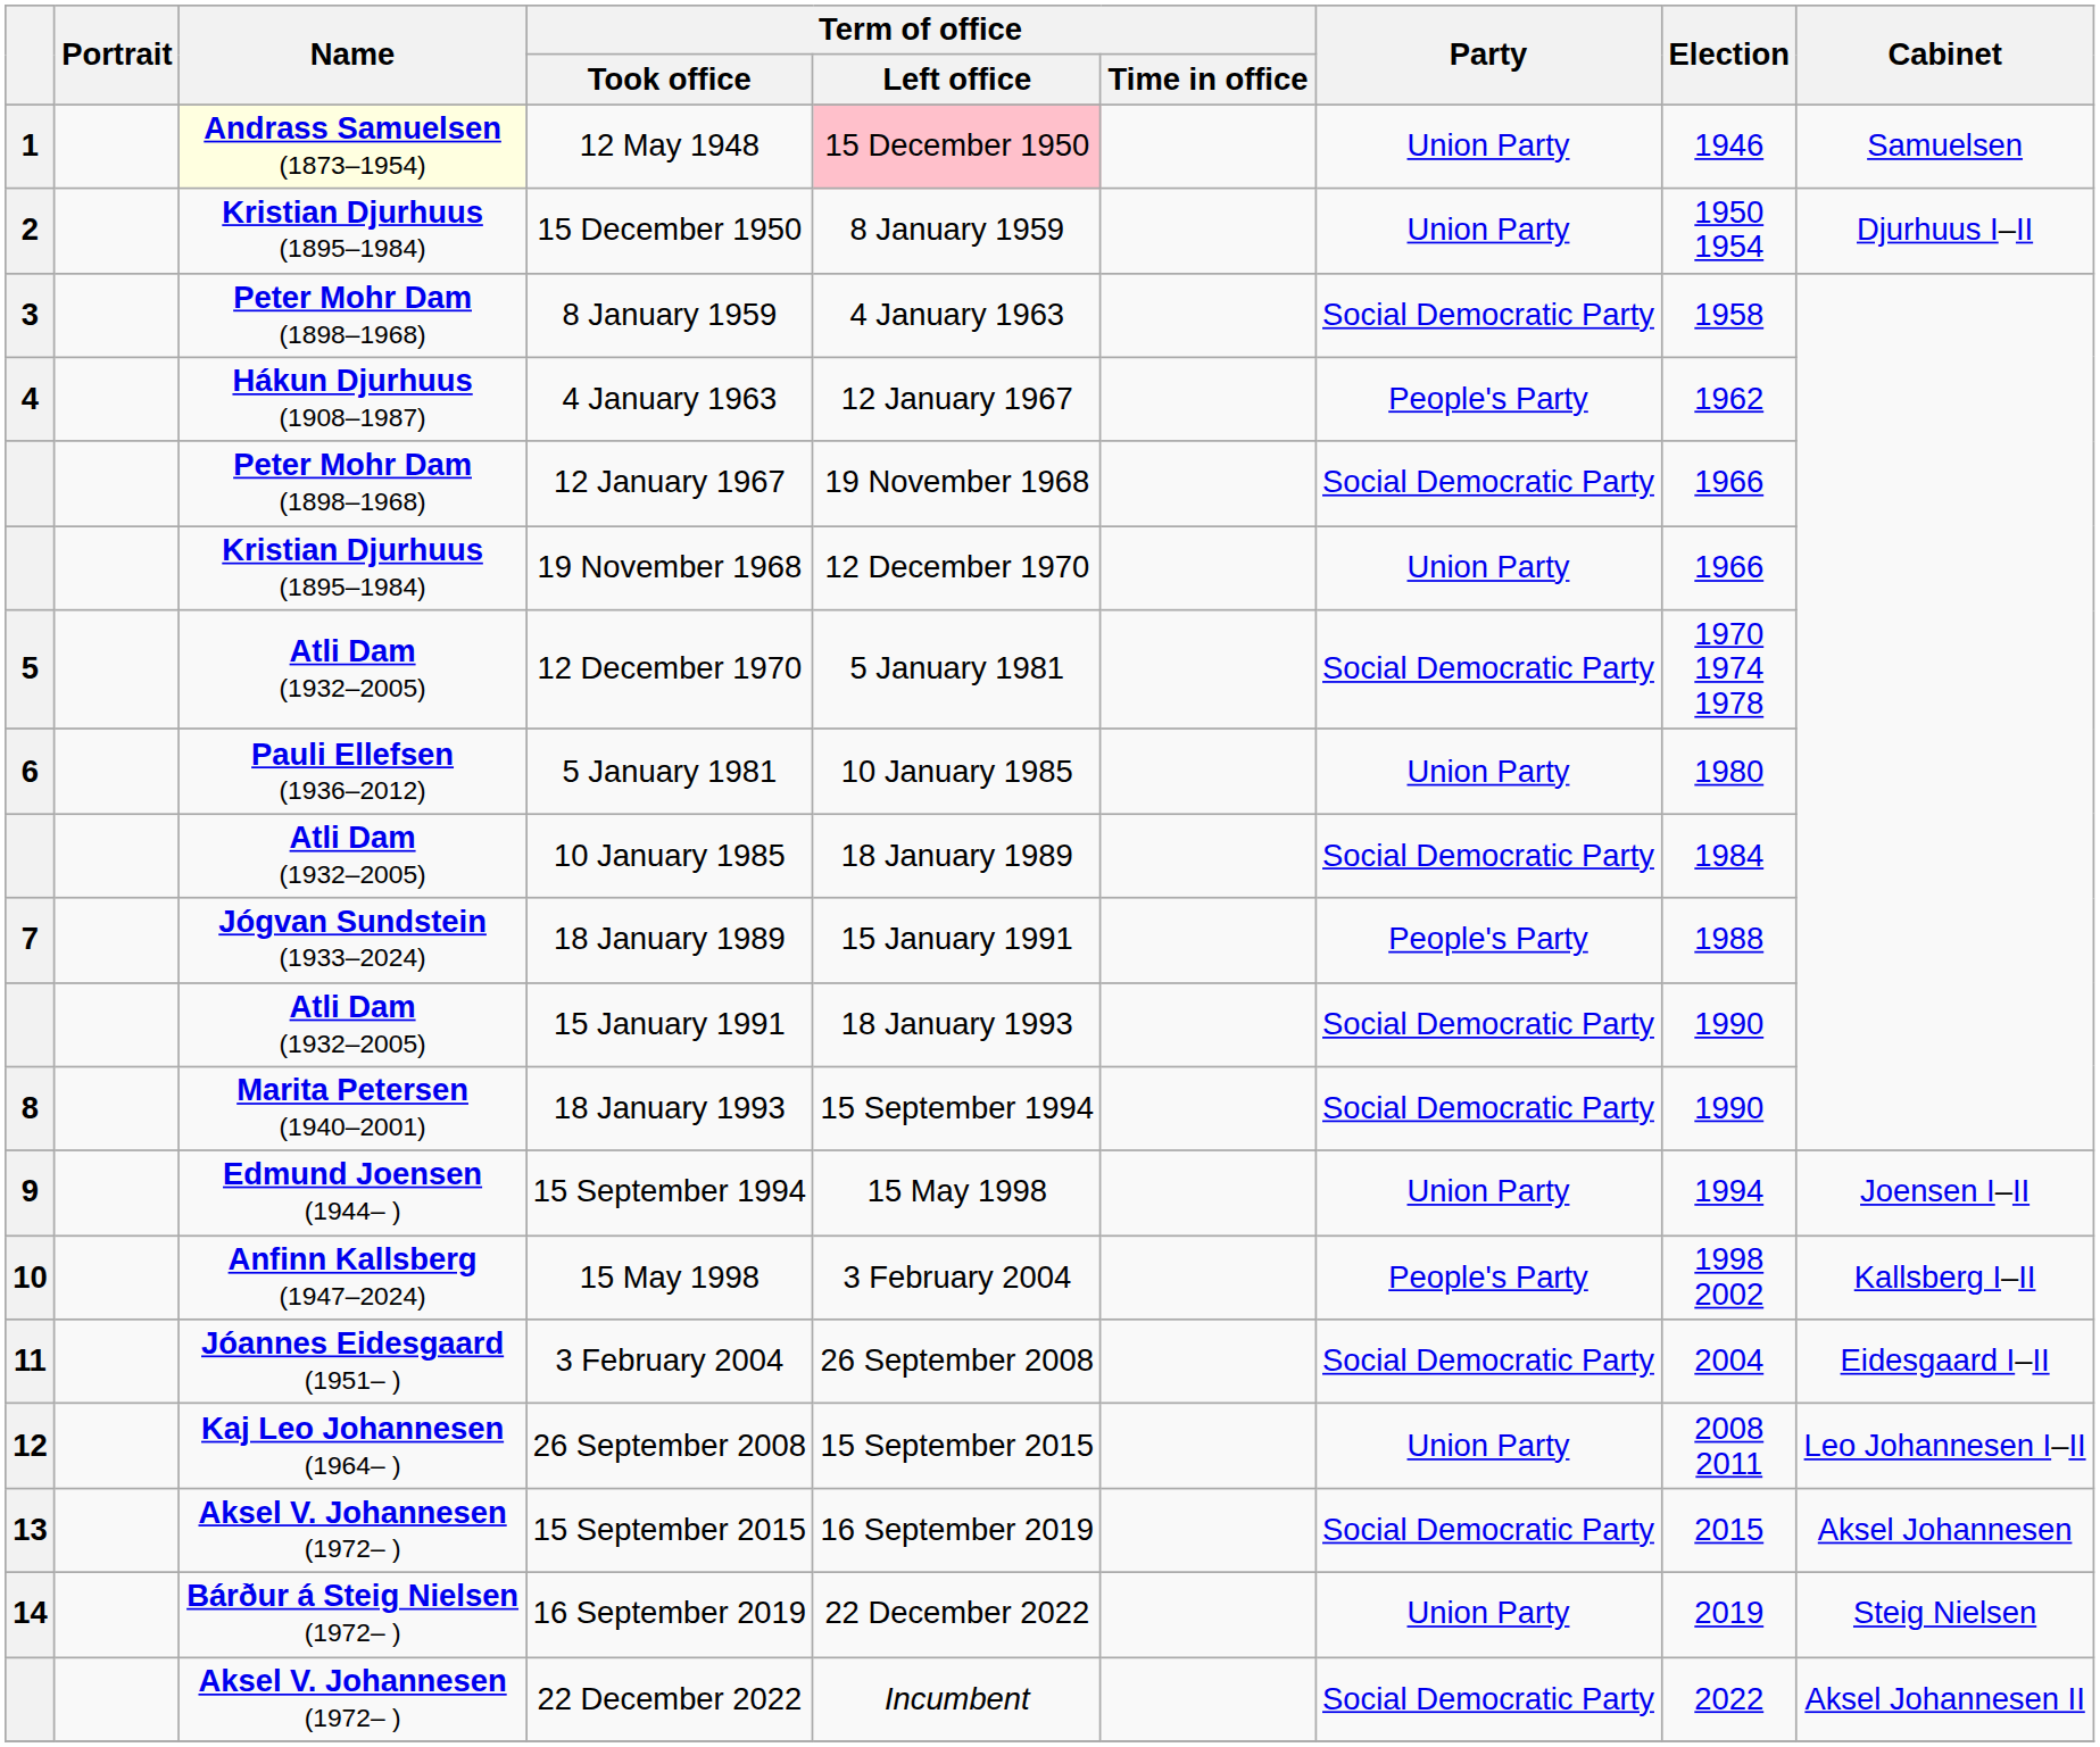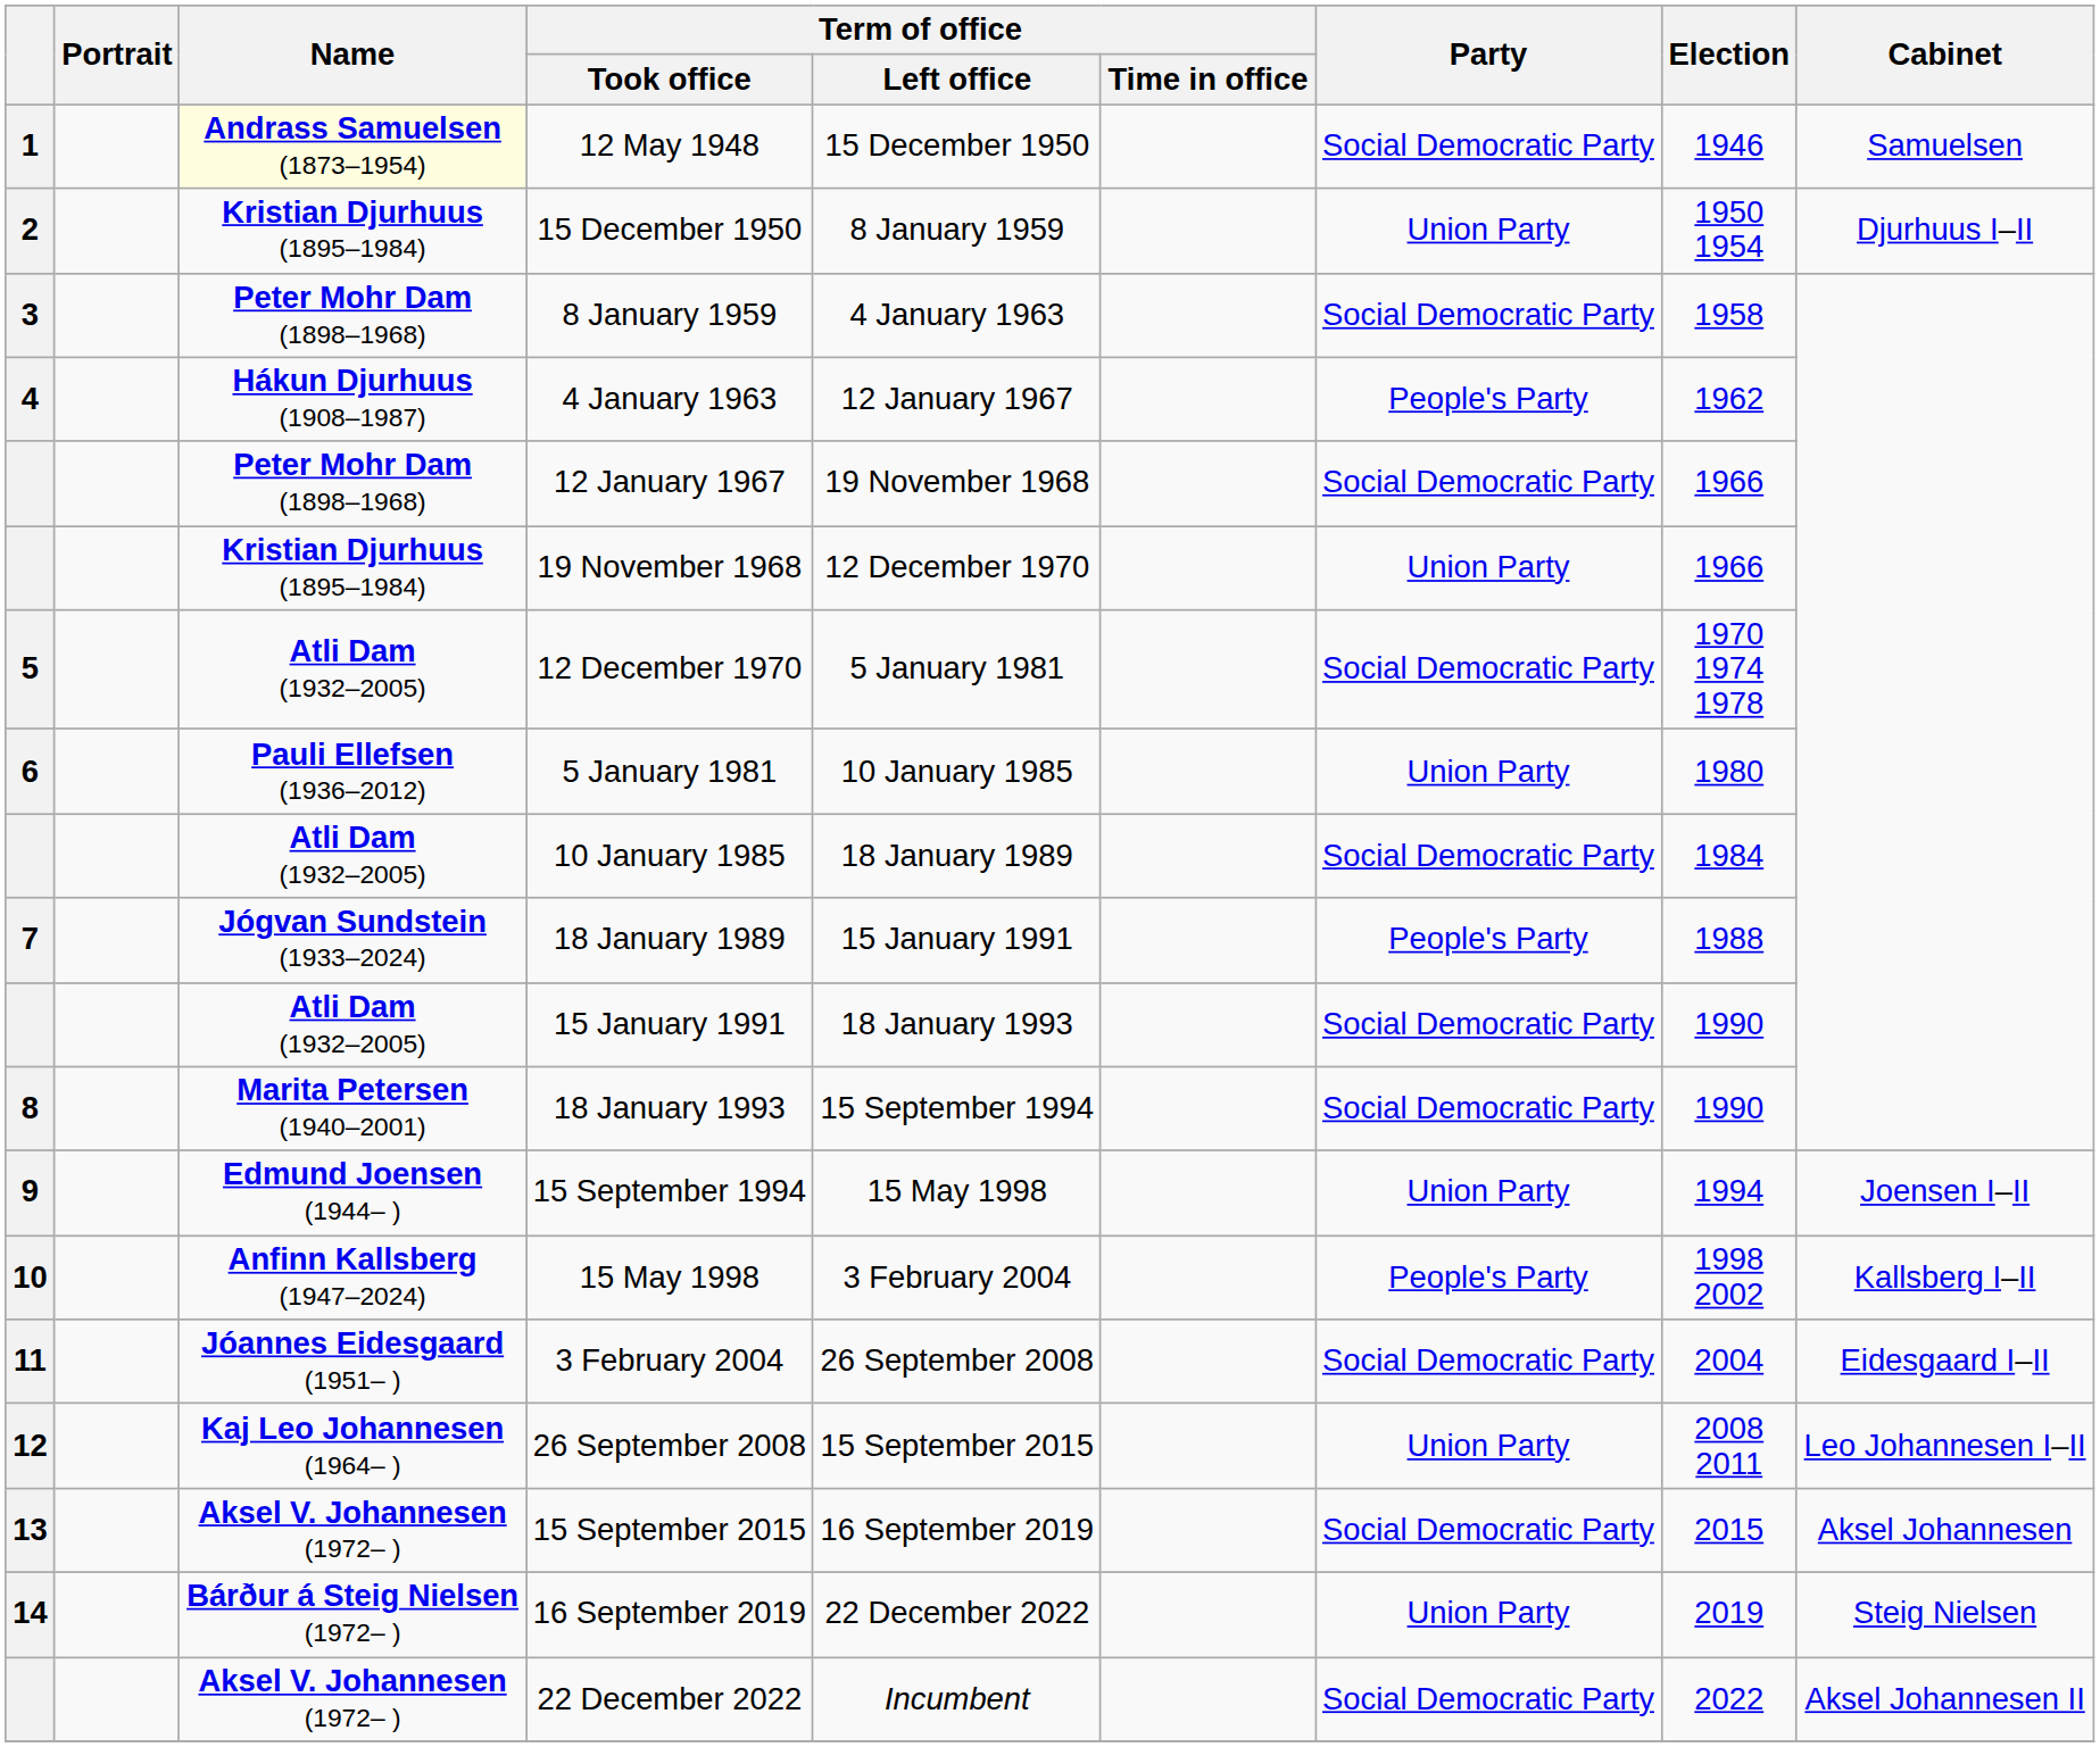 <table class="wikitable" style="text-align:center">
 <tr>
 <th rowspan=2></th>
 <th rowspan=2>Portrait</th>
 <th rowspan=2>Name</th>
 <th colspan=3>Term of office</th>
 <th rowspan=2>Party</th>
 <th rowspan=2>Election</th>
 <th rowspan=2>Cabinet</th>
 </tr>
 <tr>
 <th>Took office</th>
 <th>Left office</th>
 <th>Time in office</th>
 </tr>
 <tr>
 <th style="background:">1</th>
 <td></td>
 <td style="background: lightyellow;"><strong><a href='#'>Andrass Samuelsen</a></strong><br><small>(1873–1954)</small></td>
 <td>12 May 1948</td>
-<td style="background: pink;">15 December 1950</td>
+<td>15 December 1950</td>
 <td></td>
-<td><a href='#'>Union Party</a></td>
+<td><a href='#'>Social Democratic Party</a></td>
 <td><a href='#'>1946</a></td>
 <td><a href='#'>Samuelsen</a></td>
 </tr>
 <tr>
 <th style="background:">2</th>
 <td></td>
 <td><strong><a href='#'>Kristian Djurhuus</a></strong><br><small>(1895–1984)</small></td>
 <td>15 December 1950</td>
 <td>8 January 1959</td>
 <td></td>
 <td><a href='#'>Union Party</a></td>
 <td><a href='#'>1950</a><br><a href='#'>1954</a></td>
 <td><a href='#'>Djurhuus I</a>–<a href='#'>II</a></td>
 </tr>
 <tr>
 <th style="background:">3</th>
 <td></td>
 <td><strong><a href='#'>Peter Mohr Dam</a></strong><br><small>(1898–1968)</small></td>
 <td>8 January 1959</td>
 <td>4 January 1963</td>
 <td></td>
 <td><a href='#'>Social Democratic Party</a></td>
 <td><a href='#'>1958</a></td>
 </tr>
 <tr>
 <th style="background:">4</th>
 <td></td>
 <td><strong><a href='#'>Hákun Djurhuus</a></strong><br><small>(1908–1987)</small></td>
 <td>4 January 1963</td>
 <td>12 January 1967</td>
 <td></td>
 <td><a href='#'>People's Party</a></td>
 <td><a href='#'>1962</a></td>
 </tr>
 <tr>
 <th style="background:"></th>
 <td></td>
 <td><strong><a href='#'>Peter Mohr Dam</a></strong><br><small>(1898–1968)</small></td>
 <td>12 January 1967</td>
 <td>19 November 1968</td>
 <td></td>
 <td><a href='#'>Social Democratic Party</a></td>
 <td><a href='#'>1966</a></td>
 </tr>
 <tr>
 <th style="background:"></th>
 <td></td>
 <td><strong><a href='#'>Kristian Djurhuus</a></strong><br><small>(1895–1984)</small></td>
 <td>19 November 1968</td>
 <td>12 December 1970</td>
 <td></td>
 <td><a href='#'>Union Party</a></td>
 <td><a href='#'>1966</a></td>
 </tr>
 <tr>
 <th style="background:">5</th>
 <td></td>
 <td><strong><a href='#'>Atli Dam</a></strong><br><small>(1932–2005)</small></td>
 <td>12 December 1970</td>
 <td>5 January 1981</td>
 <td></td>
 <td><a href='#'>Social Democratic Party</a></td>
 <td><a href='#'>1970</a><br><a href='#'>1974</a><br><a href='#'>1978</a></td>
 </tr>
 <tr>
 <th style="background:">6</th>
 <td></td>
 <td><strong><a href='#'>Pauli Ellefsen</a></strong><br><small>(1936–2012)</small></td>
 <td>5 January 1981</td>
 <td>10 January 1985</td>
 <td></td>
 <td><a href='#'>Union Party</a></td>
 <td><a href='#'>1980</a></td>
 </tr>
 <tr>
 <th style="background:"></th>
 <td></td>
 <td><strong><a href='#'>Atli Dam</a></strong><br><small>(1932–2005)</small></td>
 <td>10 January 1985</td>
 <td>18 January 1989</td>
 <td></td>
 <td><a href='#'>Social Democratic Party</a></td>
 <td><a href='#'>1984</a></td>
 </tr>
 <tr>
 <th style="background:">7</th>
 <td></td>
 <td><strong><a href='#'>Jógvan Sundstein</a></strong><br><small>(1933–2024)</small></td>
 <td>18 January 1989</td>
 <td>15 January 1991</td>
 <td></td>
 <td><a href='#'>People's Party</a></td>
 <td><a href='#'>1988</a></td>
 </tr>
 <tr>
 <th style="background:"></th>
 <td></td>
 <td><strong><a href='#'>Atli Dam</a></strong><br><small>(1932–2005)</small></td>
 <td>15 January 1991</td>
 <td>18 January 1993</td>
 <td></td>
 <td><a href='#'>Social Democratic Party</a></td>
 <td><a href='#'>1990</a></td>
 </tr>
 <tr>
 <th style="background:">8</th>
 <td></td>
 <td><strong><a href='#'>Marita Petersen</a></strong><br><small>(1940–2001)</small></td>
 <td>18 January 1993</td>
 <td>15 September 1994</td>
 <td></td>
 <td><a href='#'>Social Democratic Party</a></td>
 <td><a href='#'>1990</a></td>
 </tr>
 <tr>
 <th style="background:">9</th>
 <td></td>
 <td><strong><a href='#'>Edmund Joensen</a></strong><br><small>(1944– )</small></td>
 <td>15 September 1994</td>
 <td>15 May 1998</td>
 <td></td>
 <td><a href='#'>Union Party</a></td>
 <td><a href='#'>1994</a></td>
 <td><a href='#'>Joensen I</a>–<a href='#'>II</a></td>
 </tr>
 <tr>
 <th style="background:">10</th>
 <td></td>
 <td><strong><a href='#'>Anfinn Kallsberg</a></strong><br><small>(1947–2024)</small></td>
 <td>15 May 1998</td>
 <td>3 February 2004</td>
 <td></td>
 <td><a href='#'>People's Party</a></td>
 <td><a href='#'>1998</a><br><a href='#'>2002</a></td>
 <td><a href='#'>Kallsberg I</a>–<a href='#'>II</a></td>
 </tr>
 <tr>
 <th style="background:">11</th>
 <td></td>
 <td><strong><a href='#'>Jóannes Eidesgaard</a></strong><br><small>(1951– )</small></td>
 <td>3 February 2004</td>
 <td>26 September 2008</td>
 <td></td>
 <td><a href='#'>Social Democratic Party</a></td>
 <td><a href='#'>2004</a></td>
 <td><a href='#'>Eidesgaard I</a>–<a href='#'>II</a></td>
 </tr>
 <tr>
 <th style="background:">12</th>
 <td></td>
 <td><strong><a href='#'>Kaj Leo Johannesen</a></strong><br><small>(1964– )</small></td>
 <td>26 September 2008</td>
 <td>15 September 2015</td>
 <td></td>
 <td><a href='#'>Union Party</a></td>
 <td><a href='#'>2008</a><br><a href='#'>2011</a></td>
 <td><a href='#'>Leo Johannesen I</a>–<a href='#'>II</a></td>
 </tr>
 <tr>
 <th style="background:">13</th>
 <td></td>
 <td><strong><a href='#'>Aksel V. Johannesen</a></strong><br><small>(1972– )</small></td>
 <td>15 September 2015</td>
 <td>16 September 2019</td>
 <td></td>
 <td><a href='#'>Social Democratic Party</a></td>
 <td><a href='#'>2015</a></td>
 <td><a href='#'>Aksel Johannesen</a></td>
 </tr>
 <tr>
 <th style="background:">14</th>
 <td></td>
 <td><strong><a href='#'>Bárður á Steig Nielsen</a></strong><br><small>(1972– )</small></td>
 <td>16 September 2019</td>
 <td>22 December 2022</td>
 <td></td>
 <td><a href='#'>Union Party</a></td>
 <td><a href='#'>2019</a></td>
 <td><a href='#'>Steig Nielsen</a></td>
 </tr>
 <tr>
 <th style="background:"></th>
 <td></td>
 <td><strong><a href='#'>Aksel V. Johannesen</a></strong><br><small>(1972– )</small></td>
 <td>22 December 2022</td>
 <td><em>Incumbent</em></td>
 <td></td>
 <td><a href='#'>Social Democratic Party</a></td>
 <td><a href='#'>2022</a></td>
 <td><a href='#'>Aksel Johannesen II</a></td>
 </tr>
 <tr>
 </tr>
 </table>
